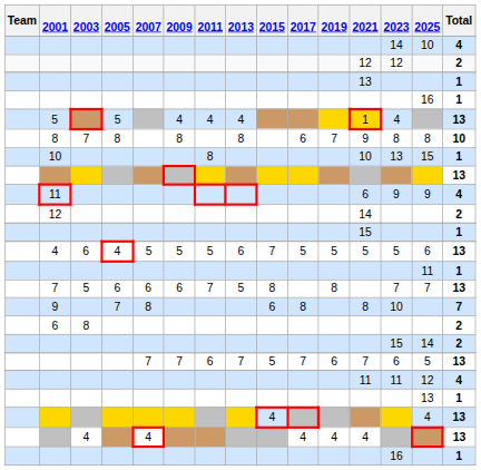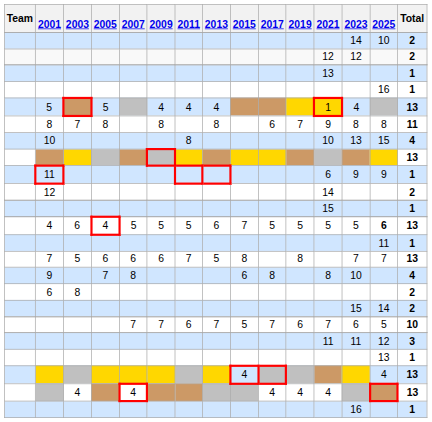 <table class="wikitable sortable" style="text-align:center; font-size:90%">
 <tr>
 <th><strong>Team</strong></th>
 <th><br><a href='#'>2001</a></th>
 <th><br><a href='#'>2003</a></th>
 <th><br><a href='#'>2005</a></th>
 <th><br><a href='#'>2007</a></th>
 <th><br><a href='#'>2009</a></th>
 <th><br><a href='#'>2011</a></th>
 <th><br><a href='#'>2013</a></th>
 <th><br><a href='#'>2015</a></th>
 <th><br><a href='#'>2017</a></th>
 <th><br><a href='#'>2019</a></th>
 <th><br><a href='#'>2021</a></th>
 <th><br><a href='#'>2023</a></th>
 <th><br><a href='#'>2025</a></th>
 <th><strong>Total</strong></th>
 </tr>
 <tr>
 </tr>
 <tr style="background:#d0e6ff;">
 <td align="left"></td>
 <td></td>
 <td></td>
 <td></td>
 <td></td>
 <td></td>
 <td></td>
 <td></td>
 <td></td>
 <td></td>
 <td></td>
 <td></td>
 <td>14</td>
 <td>10</td>
-<td><strong>4</strong></td>
+<td><strong>2</strong></td>
 </tr>
 <tr style="background:fff">
 <td align="left"></td>
 <td></td>
 <td></td>
 <td></td>
 <td></td>
 <td></td>
 <td></td>
 <td></td>
 <td></td>
 <td></td>
 <td></td>
 <td>12</td>
 <td>12</td>
 <td></td>
 <td><strong>2</strong></td>
 </tr>
 <tr>
 </tr>
 <tr style="background:#d0e6ff;">
 <td align=left></td>
 <td></td>
 <td></td>
 <td></td>
 <td></td>
 <td></td>
 <td></td>
 <td></td>
 <td></td>
 <td></td>
 <td></td>
 <td>13</td>
 <td></td>
 <td></td>
 <td><strong>1</strong></td>
 </tr>
 <tr style="background:#fff;">
 <td align="left"></td>
 <td></td>
 <td></td>
 <td></td>
 <td></td>
 <td></td>
 <td></td>
 <td></td>
 <td></td>
 <td></td>
 <td></td>
 <td></td>
 <td></td>
 <td>16</td>
 <td><strong>1</strong></td>
 </tr>
 <tr style="background:#d0e6ff;">
 <td align="left"></td>
 <td>5</td>
 <td style="border:3px solid red;background:#c96;"></td>
 <td>5</td>
 <td style="background:silver;"></td>
 <td>4</td>
 <td>4</td>
 <td>4</td>
 <td style="background:#c96;"></td>
 <td style="background:#c96;"></td>
 <td bgcolor="gold"></td>
 <td style="border:3px solid red;background:gold;">1</td>
 <td>4</td>
 <td style="background:silver;"></td>
 <td><strong>13</strong></td>
 </tr>
 <tr style="background:#fff;">
 <td align="left"></td>
 <td>8</td>
 <td>7</td>
 <td>8</td>
 <td></td>
 <td>8</td>
 <td></td>
 <td>8</td>
 <td></td>
 <td>6</td>
 <td>7</td>
 <td>9</td>
 <td>8</td>
 <td>8</td>
-<td><strong>10</strong></td>
+<td><strong>11</strong></td>
 </tr>
 <tr style="background:#d0e6ff;">
 <td align="left"></td>
 <td>10</td>
 <td></td>
 <td></td>
 <td></td>
 <td></td>
 <td>8</td>
 <td></td>
 <td></td>
 <td></td>
 <td></td>
 <td>10</td>
 <td>13</td>
 <td>15</td>
-<td><strong>1</strong></td>
+<td><strong>4</strong></td>
 </tr>
 <tr style="background:#fff;">
 <td align="left"></td>
 <td style="background:#c96;"></td>
 <td bgcolor="gold"></td>
 <td style="background:silver;"></td>
 <td style="background:#c96;"></td>
 <td style="border:3px solid red;background:silver;"></td>
 <td bgcolor="gold"></td>
 <td style="background:#c96;"></td>
 <td bgcolor="gold"></td>
 <td bgcolor="gold"></td>
 <td style="background:#c96;"></td>
 <td style="background:silver;"></td>
 <td style="background:#c96;"></td>
 <td bgcolor="gold"></td>
 <td><strong>13</strong></td>
 </tr>
 <tr style="background:#d0e6ff;">
 <td align="left"></td>
 <td style="border:3px solid red;">11</td>
 <td></td>
 <td></td>
 <td></td>
 <td></td>
 <td style="border:3px solid red;"></td>
 <td style="border:3px solid red;"></td>
 <td></td>
 <td></td>
 <td></td>
 <td>6</td>
 <td>9</td>
 <td>9</td>
-<td><strong>4</strong></td>
+<td><strong>1</strong></td>
 </tr>
 <tr style="background:#fff;">
 <td align="left"></td>
 <td>12</td>
 <td></td>
 <td></td>
 <td></td>
 <td></td>
 <td></td>
 <td></td>
 <td></td>
 <td></td>
 <td></td>
 <td>14</td>
 <td></td>
 <td></td>
 <td><strong>2</strong></td>
 </tr>
 <tr>
 </tr>
 <tr style="background:#d0e6ff;">
 <td align="left"></td>
 <td></td>
 <td></td>
 <td></td>
 <td></td>
 <td></td>
 <td></td>
 <td></td>
 <td></td>
 <td></td>
 <td></td>
 <td>15</td>
 <td></td>
 <td></td>
 <td><strong>1</strong></td>
 </tr>
 <tr>
 </tr>
 <tr style="background:#fff;">
 <td align="left"></td>
 <td>4</td>
 <td>6</td>
 <td style="border:3px solid red;">4</td>
 <td>5</td>
 <td>5</td>
 <td>5</td>
 <td>6</td>
 <td>7</td>
 <td>5</td>
 <td>5</td>
 <td>5</td>
 <td>5</td>
-<td>6</td>
+<td><strong>6</strong></td>
 <td><strong>13</strong></td>
 </tr>
 <tr style="background:#d0e6ff;">
 <td align="left"></td>
 <td></td>
 <td></td>
 <td></td>
 <td></td>
 <td></td>
 <td></td>
 <td></td>
 <td></td>
 <td></td>
 <td></td>
 <td></td>
 <td></td>
 <td>11</td>
 <td><strong>1</strong></td>
 </tr>
 <tr style="background:#fff;">
 <td align=left></td>
 <td>7</td>
 <td>5</td>
 <td>6</td>
 <td>6</td>
 <td>6</td>
 <td>7</td>
 <td>5</td>
 <td>8</td>
 <td></td>
 <td>8</td>
 <td></td>
 <td>7</td>
 <td>7</td>
 <td><strong>13</strong></td>
 </tr>
 <tr style="background:#d0e6ff;">
 <td align="left"></td>
 <td>9</td>
 <td></td>
 <td>7</td>
 <td>8</td>
 <td></td>
 <td></td>
 <td></td>
 <td>6</td>
 <td>8</td>
 <td></td>
 <td>8</td>
 <td>10</td>
 <td></td>
-<td><strong>7</strong></td>
+<td><strong>4</strong></td>
 </tr>
 <tr style="background:#fff;">
 <td align=left></td>
 <td>6</td>
 <td>8</td>
 <td></td>
 <td></td>
 <td></td>
 <td></td>
 <td></td>
 <td></td>
 <td></td>
 <td></td>
 <td></td>
 <td></td>
 <td></td>
 <td><strong>2</strong></td>
 </tr>
 <tr style="background:#d0e6ff;">
 <td align=left></td>
 <td></td>
 <td></td>
 <td></td>
 <td></td>
 <td></td>
 <td></td>
 <td></td>
 <td></td>
 <td></td>
 <td></td>
 <td></td>
 <td>15</td>
 <td>14</td>
 <td><strong>2</strong></td>
 </tr>
 <tr>
 </tr>
 <tr style="background:#fff;">
 <td align=left></td>
 <td></td>
 <td></td>
 <td></td>
 <td>7</td>
 <td>7</td>
 <td>6</td>
 <td>7</td>
 <td>5</td>
 <td>7</td>
 <td>6</td>
 <td>7</td>
 <td>6</td>
 <td>5</td>
-<td><strong>13</strong></td>
+<td><strong>10</strong></td>
 </tr>
 <tr>
 </tr>
 <tr style="background:#d0e6ff;">
 <td align=left></td>
 <td></td>
 <td></td>
 <td></td>
 <td></td>
 <td></td>
 <td></td>
 <td></td>
 <td></td>
 <td></td>
 <td></td>
 <td>11</td>
 <td>11</td>
 <td>12</td>
-<td><strong>4</strong></td>
+<td><strong>3</strong></td>
 </tr>
 <tr style="background:#fff;">
 <td align="left"></td>
 <td></td>
 <td></td>
 <td></td>
 <td></td>
 <td></td>
 <td></td>
 <td></td>
 <td></td>
 <td></td>
 <td></td>
 <td></td>
 <td></td>
 <td>13</td>
 <td><strong>1</strong></td>
 </tr>
 <tr style="background:#d0e6ff;">
 <td align="left"></td>
 <td bgcolor="gold"></td>
 <td style="background:silver;"></td>
 <td bgcolor="gold"></td>
 <td bgcolor="gold"></td>
 <td bgcolor="gold"></td>
 <td style="background:silver;"></td>
 <td style="background:gold;"></td>
 <td style="border:3px solid red;">4</td>
 <td style="border:3px solid red;background:silver;"></td>
 <td style="background:silver;"></td>
 <td style="background:#c96;"></td>
 <td style="background:gold;"></td>
 <td>4</td>
 <td><strong>13</strong></td>
 </tr>
 <tr style="background:#fff;">
 <td align="left"></td>
 <td style="background:silver;"></td>
 <td>4</td>
 <td style="background:#c96;"></td>
 <td style="border:3px solid red;">4</td>
 <td style="background:#c96;"></td>
 <td style="background:#c96;"></td>
 <td style="background:silver;"></td>
 <td style="background:silver;"></td>
 <td>4</td>
 <td>4</td>
 <td>4</td>
 <td style="border:3px soild red;background:silver;"></td>
 <td style="border:3px solid red;background:#c96;"></td>
 <td><strong>13</strong></td>
 </tr>
 <tr style="background:#d0e6ff;">
 <td align="left"></td>
 <td></td>
 <td></td>
 <td></td>
 <td></td>
 <td></td>
 <td></td>
 <td></td>
 <td></td>
 <td></td>
 <td></td>
 <td></td>
 <td>16</td>
 <td></td>
 <td><strong>1</strong></td>
 </tr>
 </table>
